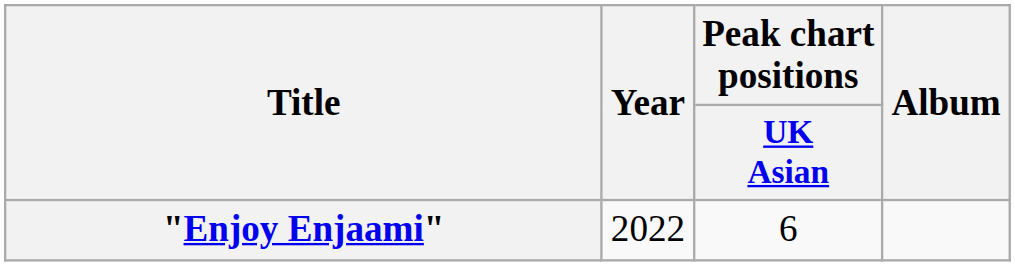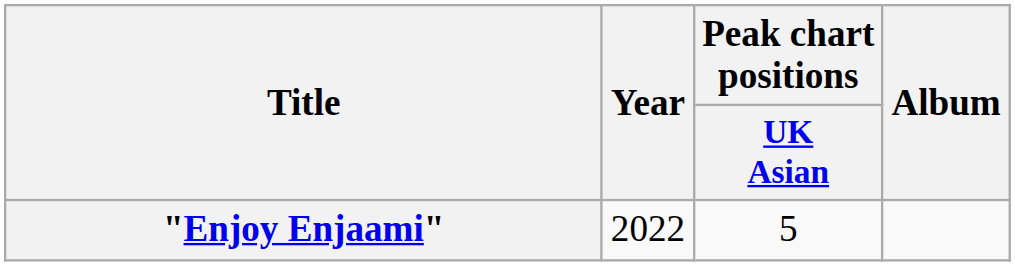 <table class="wikitable plainrowheaders" style="text-align:center;">
 <tr>
 <th style="width:250px;" rowspan="2">Title</th>
 <th rowspan="2">Year</th>
 <th>Peak chart<br>positions</th>
 <th rowspan="2">Album</th>
 </tr>
 <tr>
 <th style="font-size:90%;"><a href='#'>UK<br>Asian</a><br></th>
 </tr>
 <tr>
 <th scope="row">"<a href='#'>Enjoy Enjaami</a>"<br></th>
 <td>2022</td>
-<td>6</td>
+<td>5</td>
 <td></td>
 </tr>
 </table>
